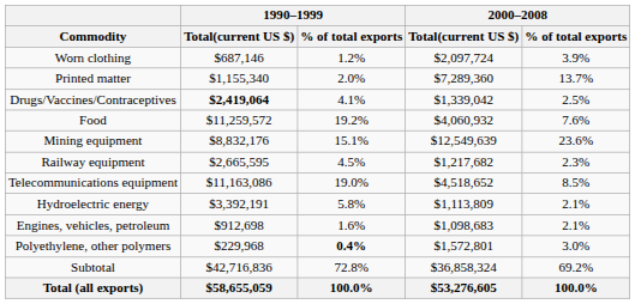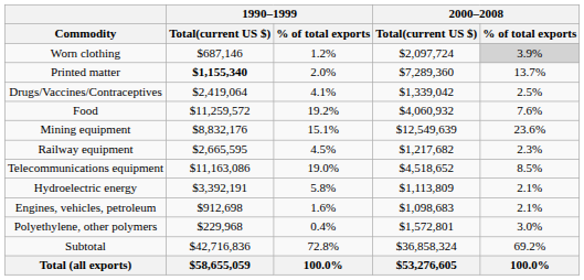 <table class="wikitable" style="text-align:center">
 <tr>
 <th></th>
 <th colspan="2">1990–1999</th>
 <th colspan="2">2000–2008</th>
 </tr>
 <tr>
 <th>Commodity</th>
 <th>Total(current US $)</th>
 <th>% of total exports</th>
 <th>Total(current US $)</th>
 <th>% of total exports</th>
 </tr>
 <tr>
 <td>Worn clothing</td>
 <td>$687,146</td>
 <td>1.2%</td>
 <td>$2,097,724</td>
-<td>3.9%</td>
+<td style="background: lightgrey;">3.9%</td>
 </tr>
 <tr>
 <td>Printed matter</td>
-<td>$1,155,340</td>
+<td><strong>$1,155,340</strong></td>
 <td>2.0%</td>
 <td>$7,289,360</td>
 <td>13.7%</td>
 </tr>
 <tr>
 <td>Drugs/Vaccines/Contraceptives</td>
-<td><strong>$2,419,064</strong></td>
+<td>$2,419,064</td>
 <td>4.1%</td>
 <td>$1,339,042</td>
 <td>2.5%</td>
 </tr>
 <tr>
 <td>Food</td>
 <td>$11,259,572</td>
 <td>19.2%</td>
 <td>$4,060,932</td>
 <td>7.6%</td>
 </tr>
 <tr>
 <td>Mining equipment</td>
 <td>$8,832,176</td>
 <td>15.1%</td>
 <td>$12,549,639</td>
 <td>23.6%</td>
 </tr>
 <tr>
 <td>Railway equipment</td>
 <td>$2,665,595</td>
 <td>4.5%</td>
 <td>$1,217,682</td>
 <td>2.3%</td>
 </tr>
 <tr>
 <td>Telecommunications equipment</td>
 <td>$11,163,086</td>
 <td>19.0%</td>
 <td>$4,518,652</td>
 <td>8.5%</td>
 </tr>
 <tr>
 <td>Hydroelectric energy</td>
 <td>$3,392,191</td>
 <td>5.8%</td>
 <td>$1,113,809</td>
 <td>2.1%</td>
 </tr>
 <tr>
 <td>Engines, vehicles, petroleum</td>
 <td>$912,698</td>
 <td>1.6%</td>
 <td>$1,098,683</td>
 <td>2.1%</td>
 </tr>
 <tr>
 <td>Polyethylene, other polymers</td>
 <td>$229,968</td>
-<td><strong>0.4%</strong></td>
+<td>0.4%</td>
 <td>$1,572,801</td>
 <td>3.0%</td>
 </tr>
 <tr>
 <td>Subtotal</td>
 <td>$42,716,836</td>
 <td>72.8%</td>
 <td>$36,858,324</td>
 <td>69.2%</td>
 </tr>
 <tr>
 <th>Total (all exports)</th>
 <th>$58,655,059</th>
 <th>100.0%</th>
 <th>$53,276,605</th>
 <th>100.0%</th>
 </tr>
 </table>
